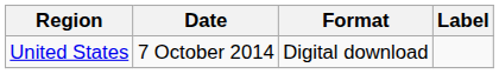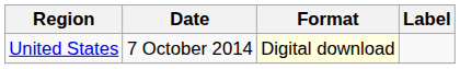 <table class=wikitable>
 <tr>
 <th>Region</th>
 <th>Date</th>
 <th>Format</th>
 <th>Label</th>
 </tr>
 <tr>
 <td><a href='#'>United States</a></td>
 <td>7 October 2014</td>
-<td>Digital download</td>
+<td style="background: lightyellow;">Digital download</td>
 <td></td>
 </tr>
 <tr>
 </tr>
 </table>
